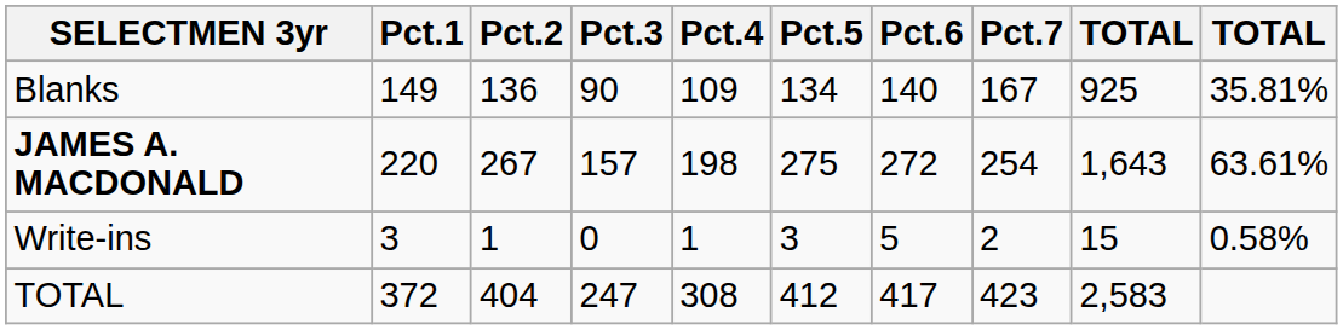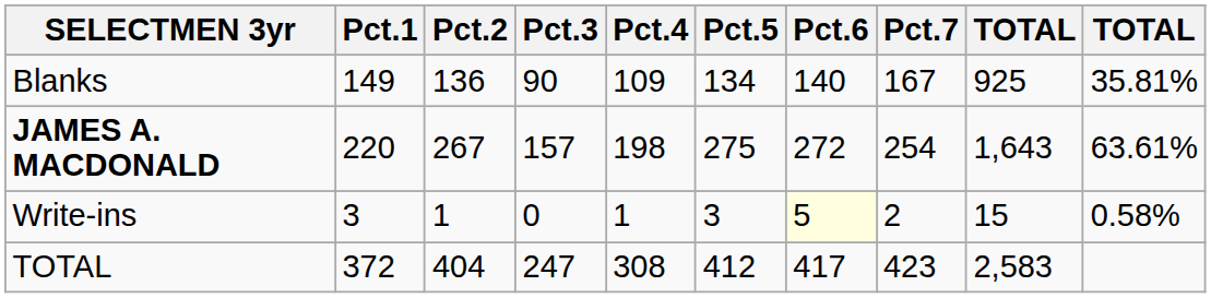 <table class="wikitable" left; margin-left:1em">
 <tr>
 <th>SELECTMEN 3yr</th>
 <th>Pct.1</th>
 <th>Pct.2</th>
 <th>Pct.3</th>
 <th>Pct.4</th>
 <th>Pct.5</th>
 <th>Pct.6</th>
 <th>Pct.7</th>
 <th>TOTAL</th>
 <th>TOTAL</th>
 </tr>
 <tr>
 <td>Blanks</td>
 <td>149</td>
 <td>136</td>
 <td>90</td>
 <td>109</td>
 <td>134</td>
 <td>140</td>
 <td>167</td>
 <td>925</td>
 <td>35.81%</td>
 </tr>
 <tr>
 <td><strong>JAMES A. MACDONALD</strong></td>
 <td>220</td>
 <td>267</td>
 <td>157</td>
 <td>198</td>
 <td>275</td>
 <td>272</td>
 <td>254</td>
 <td>1,643</td>
 <td>63.61%</td>
 </tr>
 <tr>
 <td>Write-ins</td>
 <td>3</td>
 <td>1</td>
 <td>0</td>
 <td>1</td>
 <td>3</td>
-<td>5</td>
+<td style="background: lightyellow;">5</td>
 <td>2</td>
 <td>15</td>
 <td>0.58%</td>
 </tr>
 <tr>
 <td>TOTAL</td>
 <td>372</td>
 <td>404</td>
 <td>247</td>
 <td>308</td>
 <td>412</td>
 <td>417</td>
 <td>423</td>
 <td>2,583</td>
 </tr>
 </table>
